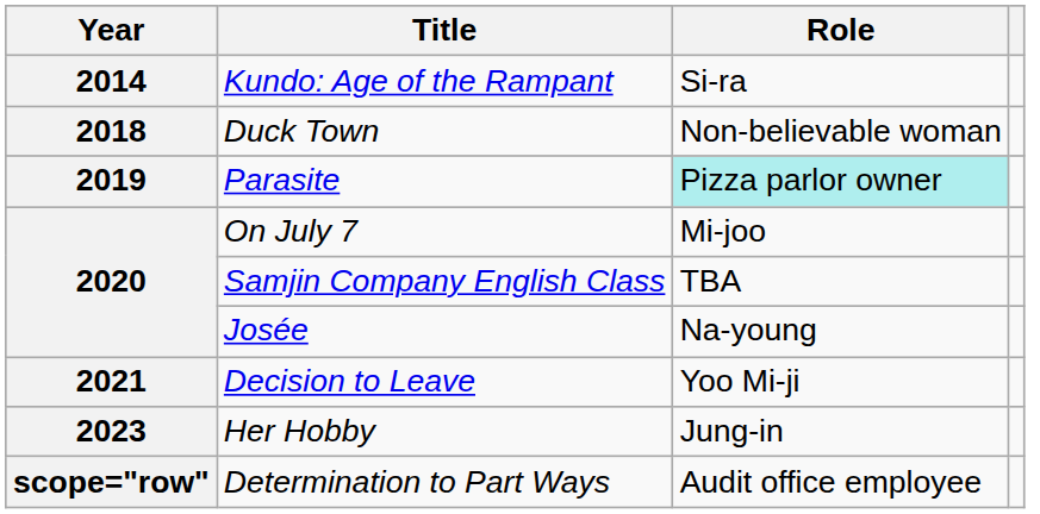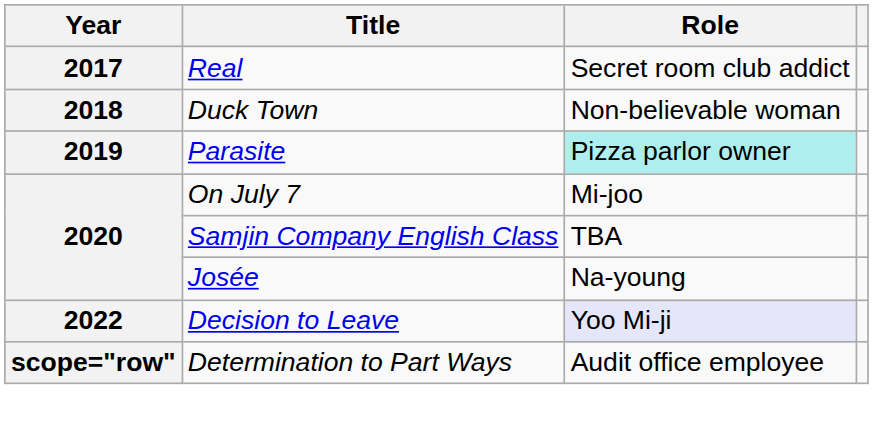 <table class="wikitable plainrowheaders sortable">
 <tr>
 <th scope="col">Year</th>
 <th scope="col">Title</th>
 <th scope="col">Role</th>
 <th scope="col" class="unsortable"></th>
 </tr>
 <tr>
-<th scope="row">2014</th>
-<td><em><a href='#'>Kundo: Age of the Rampant</a></em></td>
-<td>Si-ra</td>
+<th scope="row">2017</th>
+<td><em><a href='#'>Real</a></em></td>
+<td>Secret room club addict</td>
 <td style="text-align:center"></td>
 </tr>
 <tr>
 <th scope="row">2018</th>
 <td><em>Duck Town</em></td>
 <td>Non-believable woman</td>
 <td style="text-align:center"></td>
 </tr>
 <tr>
 <th scope="row">2019</th>
 <td><em><a href='#'>Parasite</a></em></td>
 <td style="background: paleturquoise;">Pizza parlor owner</td>
 <td style="text-align:center"></td>
 </tr>
 <tr>
 <th scope="row" rowspan="3">2020</th>
 <td><em>On July 7</em></td>
 <td>Mi-joo</td>
 <td style="text-align:center"></td>
 </tr>
 <tr>
 <td><em><a href='#'>Samjin Company English Class</a></em></td>
 <td>TBA</td>
 <td style="text-align:center"></td>
 </tr>
 <tr>
 <td><em><a href='#'>Josée</a></em></td>
 <td>Na-young</td>
 <td style="text-align:center"></td>
 </tr>
 <tr>
-<th scope="row">2021</th>
+<th scope="row">2022</th>
 <td><em><a href='#'>Decision to Leave</a></em></td>
-<td>Yoo Mi-ji</td>
-<td style="text-align:center"></td>
-</tr>
-<tr>
-<th scope="row">2023</th>
-<td><em>Her Hobby</em></td>
-<td>Jung-in</td>
+<td style="background: lavender;">Yoo Mi-ji</td>
 <td style="text-align:center"></td>
 </tr>
 <tr>
 <th>scope="row" </th>
 <td><em>Determination to Part Ways</em></td>
 <td>Audit office employee</td>
 <td style="text-align:center"></td>
 </tr>
 </table>
